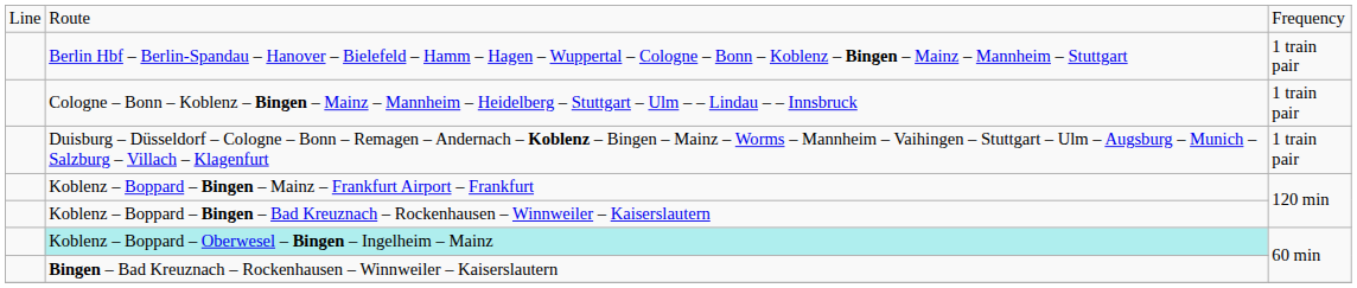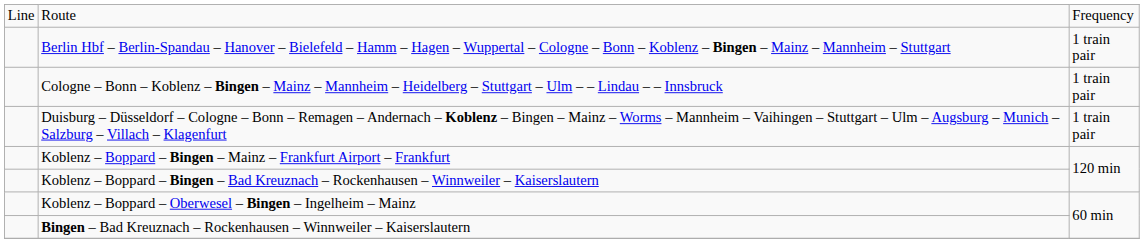 <table class="wikitable">
 <tr>
 <td>Line</td>
 <td>Route</td>
 <td>Frequency</td>
 </tr>
 <tr>
 <td></td>
 <td> <a href='#'>Berlin Hbf</a> – <a href='#'>Berlin-Spandau</a> – <a href='#'>Hanover</a> – <a href='#'>Bielefeld</a> – <a href='#'>Hamm</a> – <a href='#'>Hagen</a> – <a href='#'>Wuppertal</a> – <a href='#'>Cologne</a> – <a href='#'>Bonn</a> – <a href='#'>Koblenz</a> – <strong>Bingen</strong> – <a href='#'>Mainz</a> – <a href='#'>Mannheim</a>  – <a href='#'>Stuttgart</a></td>
 <td>1 train pair</td>
 </tr>
 <tr>
 <td></td>
 <td>Cologne – Bonn – Koblenz – <strong>Bingen</strong> – <a href='#'>Mainz</a> – <a href='#'>Mannheim</a> – <a href='#'>Heidelberg</a> – <a href='#'>Stuttgart</a> – <a href='#'>Ulm</a> –  – <a href='#'>Lindau</a> –  –  <a href='#'>Innsbruck</a></td>
 <td>1 train pair</td>
 </tr>
 <tr>
 <td></td>
 <td>Duisburg – Düsseldorf – Cologne – Bonn – Remagen – Andernach – <strong>Koblenz</strong> – Bingen – Mainz – <a href='#'>Worms</a> – Mannheim – Vaihingen – Stuttgart – Ulm – <a href='#'>Augsburg</a> – <a href='#'>Munich</a> – <a href='#'>Salzburg</a> – <a href='#'>Villach</a> – <a href='#'>Klagenfurt</a></td>
 <td>1 train pair</td>
 </tr>
 <tr>
 <td></td>
 <td>Koblenz – <a href='#'>Boppard</a> – <strong>Bingen</strong> – Mainz – <a href='#'>Frankfurt Airport</a> – <a href='#'>Frankfurt</a></td>
 <td rowspan=2>120 min</td>
 </tr>
 <tr>
 <td></td>
 <td>Koblenz – Boppard – <strong>Bingen</strong> – <a href='#'>Bad Kreuznach</a> – Rockenhausen –  <a href='#'>Winnweiler</a> – <a href='#'>Kaiserslautern</a></td>
 </tr>
 <tr>
 <td></td>
-<td style="background: paleturquoise;">Koblenz – Boppard – <a href='#'>Oberwesel</a> – <strong>Bingen</strong> – Ingelheim – Mainz</td>
+<td>Koblenz – Boppard – <a href='#'>Oberwesel</a> – <strong>Bingen</strong> – Ingelheim – Mainz</td>
 <td rowspan=2>60 min</td>
 </tr>
 <tr>
 <td></td>
 <td><strong>Bingen</strong> – Bad Kreuznach – Rockenhausen –  Winnweiler – Kaiserslautern</td>
 </tr>
 <tr>
 </tr>
 </table>
